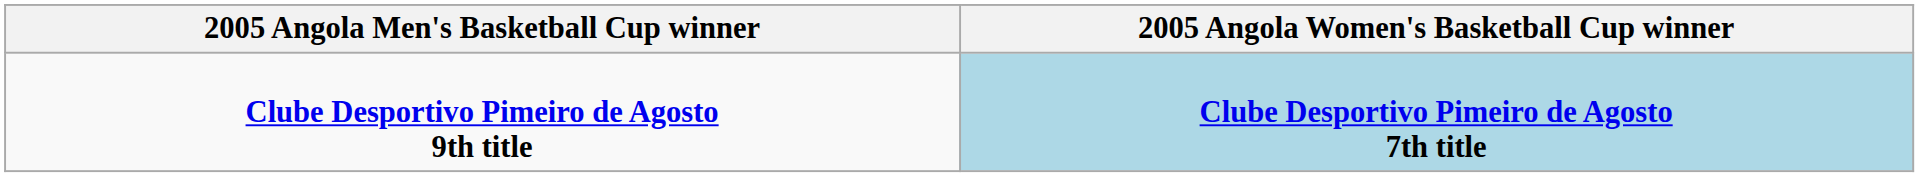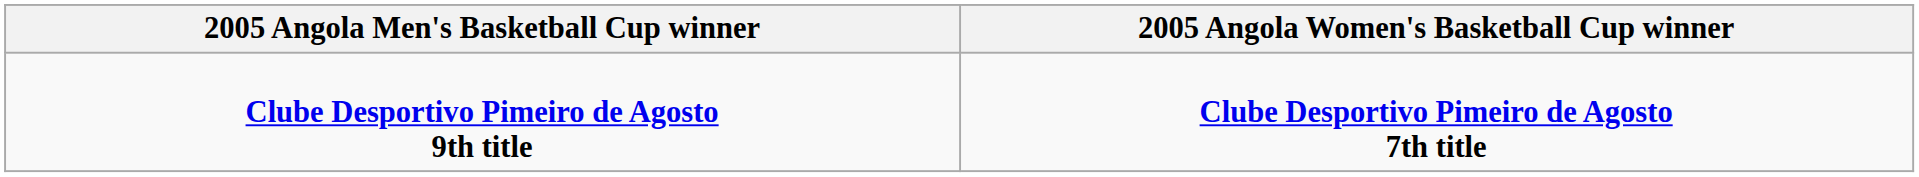 <table class=wikitable style="text-align:center; width: 1000px; margin:auto">
 <tr>
 <th width=600px>2005 Angola Men's Basketball Cup winner</th>
 <th width=600px>2005 Angola Women's Basketball Cup winner</th>
 </tr>
 <tr>
 <td><br><strong><a href='#'>Clube Desportivo Pimeiro de Agosto</a></strong><br><strong>9th title</strong></td>
-<td style="background: lightblue;"><br><strong><a href='#'>Clube Desportivo Pimeiro de Agosto</a></strong><br><strong>7th title</strong></td>
+<td><br><strong><a href='#'>Clube Desportivo Pimeiro de Agosto</a></strong><br><strong>7th title</strong></td>
 </tr>
 </table>
